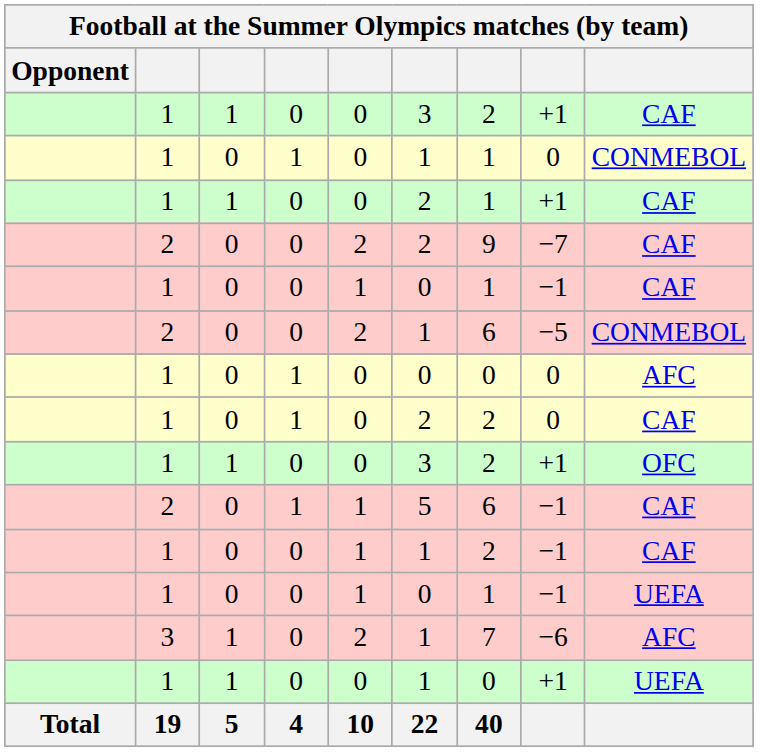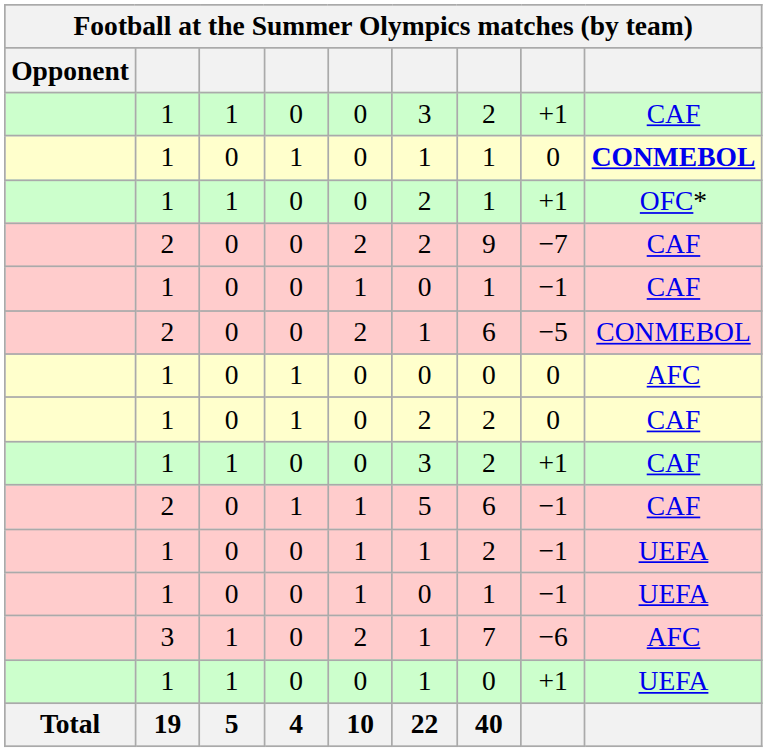 <table class="wikitable sortable" style="text-align: center;">
 <tr>
 <th colspan=9>Football at the Summer Olympics matches (by team)</th>
 </tr>
 <tr>
 <th width="30">Opponent</th>
 <th width="30"></th>
 <th width="30"></th>
 <th width="30"></th>
 <th width="30"></th>
 <th width="30"></th>
 <th width="30"></th>
 <th width="30"></th>
 <th width="30"></th>
 </tr>
 <tr bgcolor=#CCFFCC>
 <td align="left"></td>
 <td>1</td>
 <td>1</td>
 <td>0</td>
 <td>0</td>
 <td>3</td>
 <td>2</td>
 <td>+1</td>
 <td><a href='#'>CAF</a></td>
 </tr>
 <tr bgcolor=#FFFFCC>
 <td align="left"></td>
 <td>1</td>
 <td>0</td>
 <td>1</td>
 <td>0</td>
 <td>1</td>
 <td>1</td>
 <td>0</td>
-<td><a href='#'>CONMEBOL</a></td>
+<td><strong><a href='#'>CONMEBOL</a></strong></td>
 </tr>
 <tr bgcolor=#CCFFCC>
 <td align="left"></td>
 <td>1</td>
 <td>1</td>
 <td>0</td>
 <td>0</td>
 <td>2</td>
 <td>1</td>
 <td>+1</td>
-<td><a href='#'>CAF</a></td>
+<td><a href='#'>OFC</a>*</td>
 </tr>
 <tr bgcolor=#FFCCCC>
 <td align="left"></td>
 <td>2</td>
 <td>0</td>
 <td>0</td>
 <td>2</td>
 <td>2</td>
 <td>9</td>
 <td>−7</td>
 <td><a href='#'>CAF</a></td>
 </tr>
 <tr bgcolor=#FFCCCC>
 <td align="left"></td>
 <td>1</td>
 <td>0</td>
 <td>0</td>
 <td>1</td>
 <td>0</td>
 <td>1</td>
 <td>−1</td>
 <td><a href='#'>CAF</a></td>
 </tr>
 <tr bgcolor=#FFCCCC>
 <td align="left"></td>
 <td>2</td>
 <td>0</td>
 <td>0</td>
 <td>2</td>
 <td>1</td>
 <td>6</td>
 <td>−5</td>
 <td><a href='#'>CONMEBOL</a></td>
 </tr>
 <tr bgcolor=#FFFFCC>
 <td align="left"></td>
 <td>1</td>
 <td>0</td>
 <td>1</td>
 <td>0</td>
 <td>0</td>
 <td>0</td>
 <td>0</td>
 <td><a href='#'>AFC</a></td>
 </tr>
 <tr bgcolor=#FFFFCC>
 <td align="left"></td>
 <td>1</td>
 <td>0</td>
 <td>1</td>
 <td>0</td>
 <td>2</td>
 <td>2</td>
 <td>0</td>
 <td><a href='#'>CAF</a></td>
 </tr>
 <tr bgcolor=#CCFFCC>
 <td align="left"></td>
 <td>1</td>
 <td>1</td>
 <td>0</td>
 <td>0</td>
 <td>3</td>
 <td>2</td>
 <td>+1</td>
-<td><a href='#'>OFC</a></td>
+<td><a href='#'>CAF</a></td>
 </tr>
 <tr bgcolor=#FFCCCC>
 <td align="left"></td>
 <td>2</td>
 <td>0</td>
 <td>1</td>
 <td>1</td>
 <td>5</td>
 <td>6</td>
 <td>−1</td>
 <td><a href='#'>CAF</a></td>
 </tr>
 <tr bgcolor=#FFCCCC>
 <td align="left"></td>
 <td>1</td>
 <td>0</td>
 <td>0</td>
 <td>1</td>
 <td>1</td>
 <td>2</td>
 <td>−1</td>
-<td><a href='#'>CAF</a></td>
+<td><a href='#'>UEFA</a></td>
 </tr>
 <tr bgcolor=#FFCCCC>
 <td align="left"></td>
 <td>1</td>
 <td>0</td>
 <td>0</td>
 <td>1</td>
 <td>0</td>
 <td>1</td>
 <td>−1</td>
 <td><a href='#'>UEFA</a></td>
 </tr>
 <tr bgcolor=#FFCCCC>
 <td align="left"></td>
 <td>3</td>
 <td>1</td>
 <td>0</td>
 <td>2</td>
 <td>1</td>
 <td>7</td>
 <td>−6</td>
 <td><a href='#'>AFC</a></td>
 </tr>
 <tr bgcolor=#CCFFCC>
 <td align="left"></td>
 <td>1</td>
 <td>1</td>
 <td>0</td>
 <td>0</td>
 <td>1</td>
 <td>0</td>
 <td>+1</td>
 <td><a href='#'>UEFA</a></td>
 </tr>
 <tr>
 <th>Total</th>
 <th>19</th>
 <th>5</th>
 <th>4</th>
 <th>10</th>
 <th>22</th>
 <th>40</th>
 <th></th>
 <th></th>
 </tr>
 </table>
